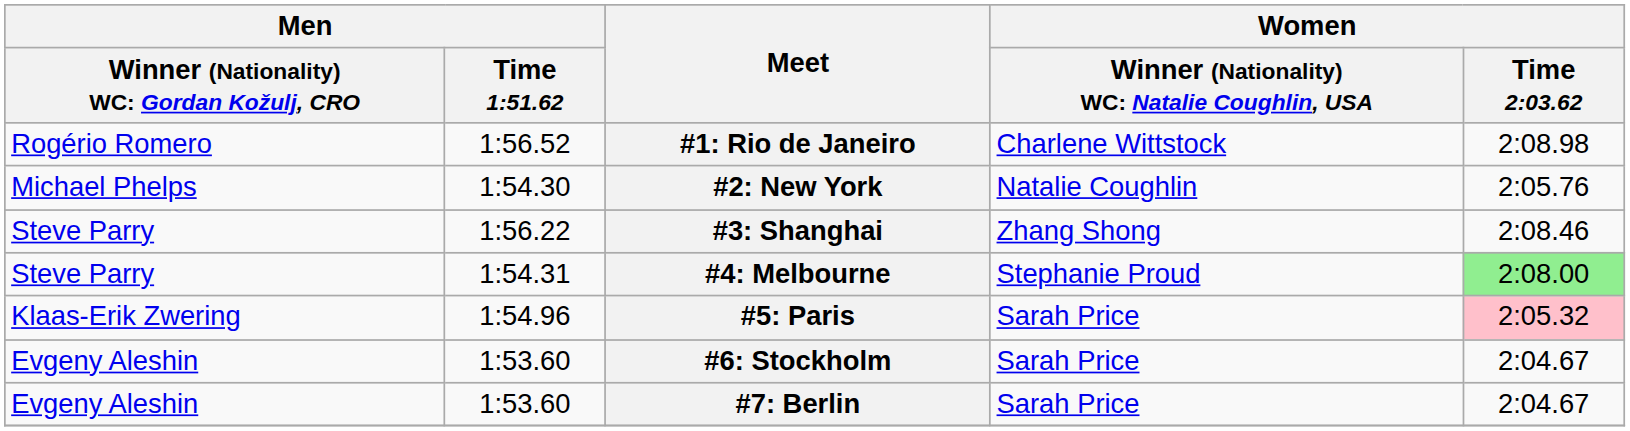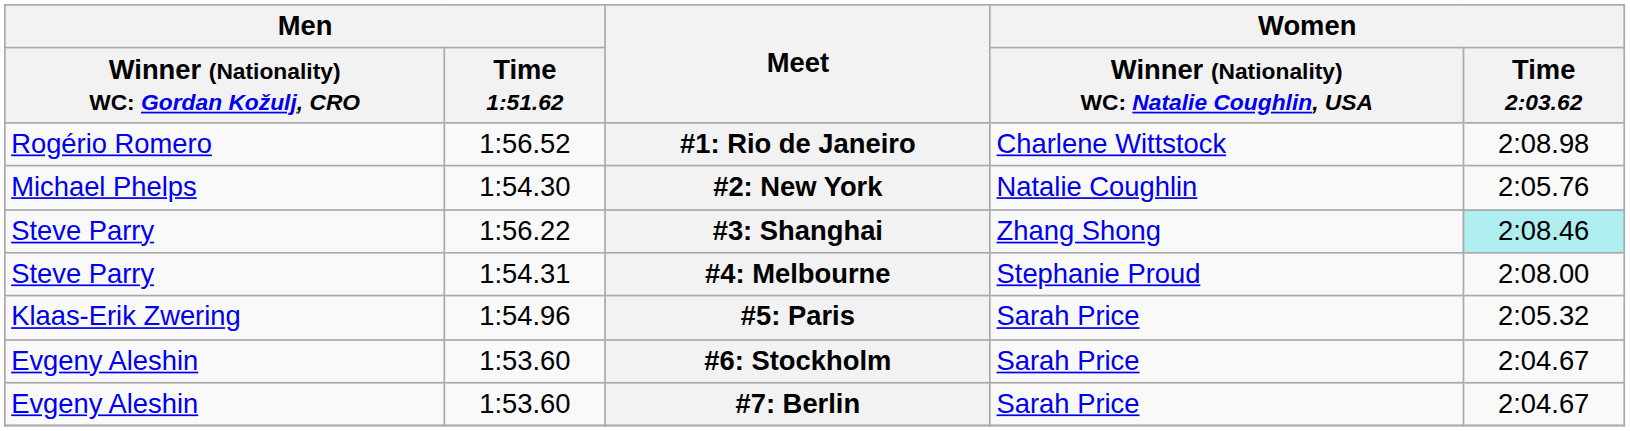 <table class=wikitable width="75%">
 <tr>
 <th colspan="2">Men</th>
 <th rowspan="2">Meet</th>
 <th colspan="2">Women</th>
 </tr>
 <tr>
 <th>Winner <small>(Nationality) <br> WC: <em><a href='#'>Gordan Kožulj</a>, CRO</em> </small></th>
 <th>Time <small><br> <em>1:51.62</em> </small></th>
 <th>Winner <small>(Nationality) <br> WC: <em><a href='#'>Natalie Coughlin</a>, USA</em> </small></th>
 <th>Time <small><br> <em>2:03.62</em> </small></th>
 </tr>
 <tr>
 <td> <a href='#'>Rogério Romero</a></td>
 <td align=center>1:56.52</td>
 <th>#1: Rio de Janeiro</th>
 <td> <a href='#'>Charlene Wittstock</a></td>
 <td align=center>2:08.98</td>
 </tr>
 <tr>
 <td> <a href='#'>Michael Phelps</a></td>
 <td align=center>1:54.30</td>
 <th>#2: New York</th>
 <td> <a href='#'>Natalie Coughlin</a></td>
 <td align=center>2:05.76</td>
 </tr>
 <tr>
 <td> <a href='#'>Steve Parry</a></td>
 <td align=center>1:56.22</td>
 <th>#3: Shanghai</th>
 <td> <a href='#'>Zhang Shong</a></td>
-<td align=center>2:08.46</td>
+<td align=center style="background: paleturquoise;">2:08.46</td>
 </tr>
 <tr>
 <td> <a href='#'>Steve Parry</a></td>
 <td align=center>1:54.31</td>
 <th>#4: Melbourne</th>
 <td> <a href='#'>Stephanie Proud</a></td>
-<td align=center style="background: lightgreen;">2:08.00</td>
+<td align=center>2:08.00</td>
 </tr>
 <tr>
 <td> <a href='#'>Klaas-Erik Zwering</a></td>
 <td align=center>1:54.96</td>
 <th>#5: Paris</th>
 <td> <a href='#'>Sarah Price</a></td>
-<td align=center style="background: pink;">2:05.32</td>
+<td align=center>2:05.32</td>
 </tr>
 <tr>
 <td> <a href='#'>Evgeny Aleshin</a></td>
 <td align=center>1:53.60</td>
 <th>#6: Stockholm</th>
 <td> <a href='#'>Sarah Price</a></td>
 <td align=center>2:04.67</td>
 </tr>
 <tr>
 <td> <a href='#'>Evgeny Aleshin</a></td>
 <td align=center>1:53.60</td>
 <th>#7: Berlin</th>
 <td> <a href='#'>Sarah Price</a></td>
 <td align=center>2:04.67</td>
 </tr>
 <tr>
 </tr>
 </table>
